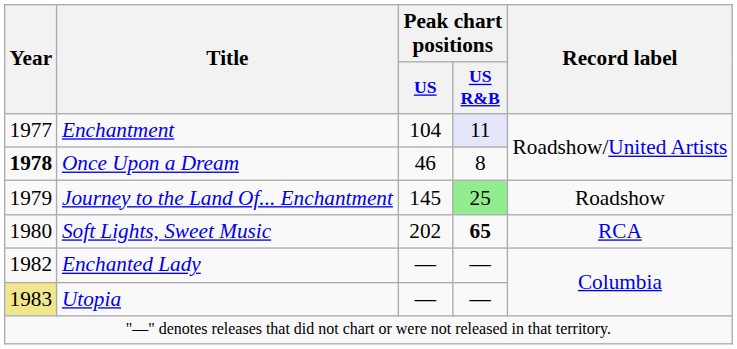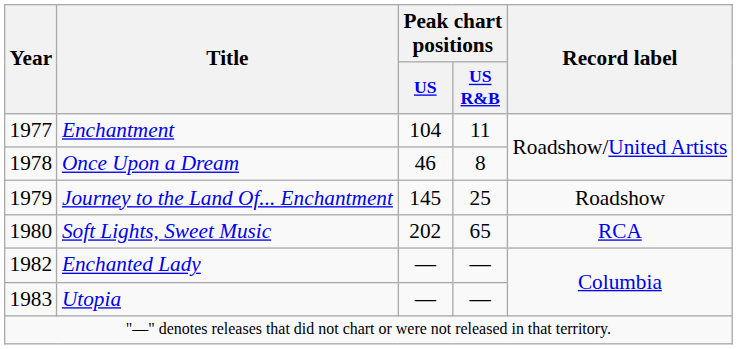 <table class="wikitable" style="text-align:center;">
 <tr>
 <th rowspan="2">Year</th>
 <th rowspan="2">Title</th>
 <th colspan="2">Peak chart positions</th>
 <th rowspan="2">Record label</th>
 </tr>
 <tr style="font-size:smaller;">
 <th width="35"><a href='#'>US</a><br></th>
 <th width="35"><a href='#'>US<br>R&B</a><br></th>
 </tr>
 <tr>
 <td rowspan="1">1977</td>
 <td align="left"><em><a href='#'>Enchantment</a></em></td>
 <td>104</td>
-<td style="background: lavender;">11</td>
+<td>11</td>
 <td rowspan="2">Roadshow/<a href='#'>United Artists</a></td>
 </tr>
 <tr>
-<td rowspan="1"><strong>1978</strong></td>
+<td rowspan="1">1978</td>
 <td align="left"><em><a href='#'>Once Upon a Dream</a></em></td>
 <td>46</td>
 <td>8</td>
 </tr>
 <tr>
 <td rowspan="1">1979</td>
 <td align="left"><em><a href='#'>Journey to the Land Of... Enchantment</a></em></td>
 <td>145</td>
-<td style="background: lightgreen;">25</td>
+<td>25</td>
 <td rowspan="1">Roadshow</td>
 </tr>
 <tr>
 <td rowspan="1">1980</td>
 <td align="left"><em><a href='#'>Soft Lights, Sweet Music</a></em></td>
 <td>202</td>
-<td><strong>65</strong></td>
+<td>65</td>
 <td rowspan="1"><a href='#'>RCA</a></td>
 </tr>
 <tr>
 <td rowspan="1">1982</td>
 <td align="left"><em><a href='#'>Enchanted Lady</a></em></td>
 <td>—</td>
 <td>—</td>
 <td rowspan="2"><a href='#'>Columbia</a></td>
 </tr>
 <tr>
-<td rowspan="1" style="background: khaki;">1983</td>
+<td rowspan="1">1983</td>
 <td align="left"><em><a href='#'>Utopia</a></em></td>
 <td>—</td>
 <td>—</td>
 </tr>
 <tr>
 <td colspan="6" style="text-align:center; font-size:9pt;">"—" denotes releases that did not chart or were not released in that territory.</td>
 </tr>
 </table>
